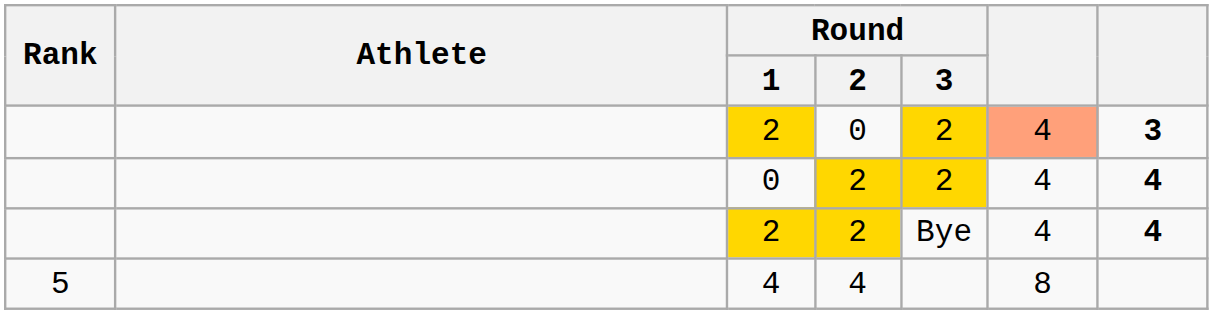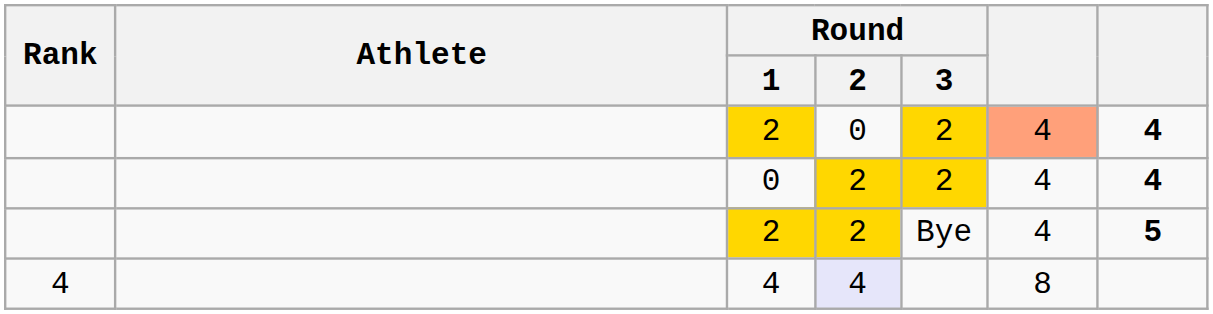 <table class="wikitable" style="text-align: center;">
 <tr>
 <th rowspan="2" width=40>Rank</th>
 <th rowspan="2" width=250>Athlete</th>
 <th colspan="3">Round</th>
 <th rowspan="2" width=40></th>
 <th rowspan="2" width=40></th>
 </tr>
 <tr>
 <th width=30>1</th>
 <th width=30>2</th>
 <th width=30>3</th>
 </tr>
 <tr>
 <td></td>
 <td align="left"></td>
 <td bgcolor=gold>2</td>
 <td>0</td>
 <td bgcolor=gold>2</td>
 <td style="background: lightsalmon;">4</td>
-<td><strong>3</strong></td>
+<td><strong>4</strong></td>
 </tr>
 <tr>
 <td></td>
 <td align="left"></td>
 <td>0</td>
 <td bgcolor=gold>2</td>
 <td bgcolor=gold>2</td>
 <td>4</td>
 <td><strong>4</strong></td>
 </tr>
 <tr>
 <td></td>
 <td align="left"></td>
 <td bgcolor=gold>2</td>
 <td bgcolor=gold>2</td>
 <td>Bye</td>
 <td>4</td>
-<td><strong>4</strong></td>
+<td><strong>5</strong></td>
 </tr>
 <tr>
-<td>5</td>
+<td>4</td>
 <td align="left"></td>
 <td>4</td>
-<td>4</td>
+<td style="background: lavender;">4</td>
 <td></td>
 <td>8</td>
 <td></td>
 </tr>
 </table>
